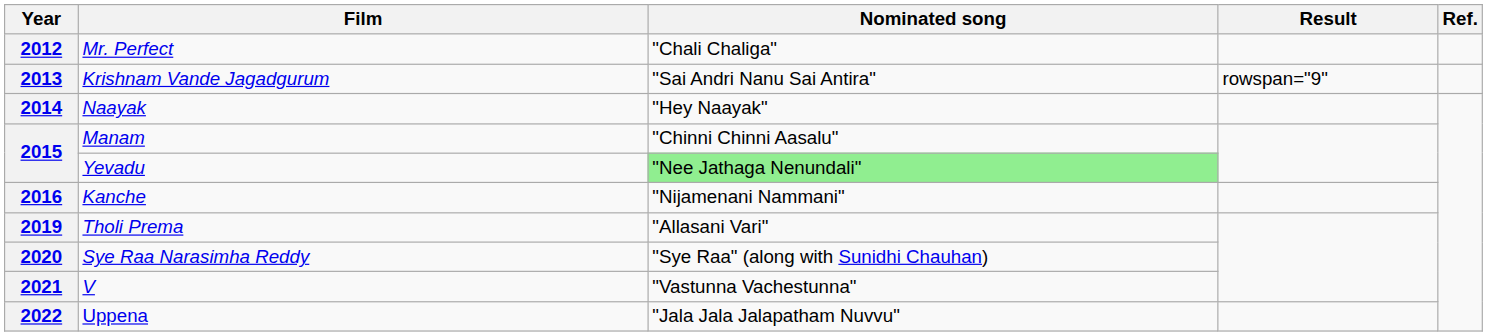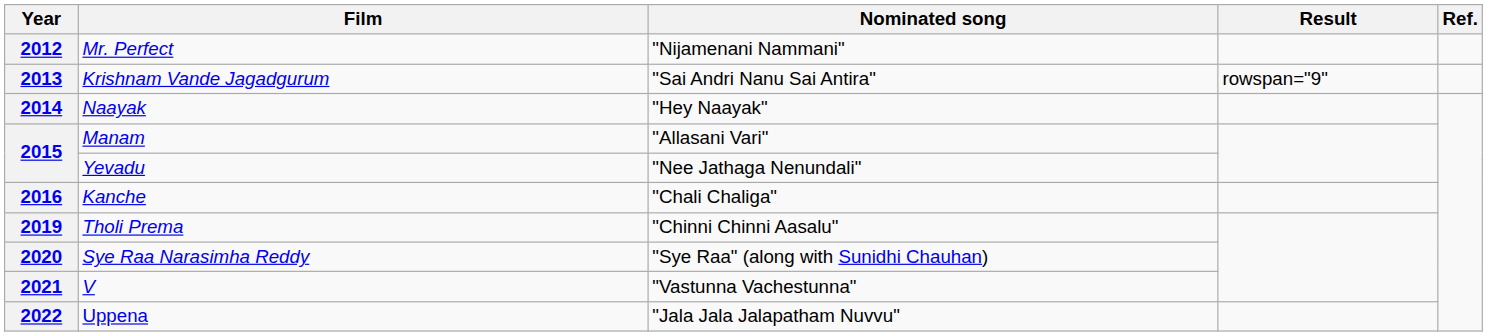 <table class="wikitable plainrowheaders" width="100%" textcolor:#000;">
 <tr>
 <th scope="col" width=5%><strong>Year</strong></th>
 <th scope="col" width=39%><strong>Film</strong></th>
 <th scope="col" width=39%><strong>Nominated song</strong></th>
 <th scope="col" width=15%><strong>Result</strong></th>
 <th scope="col" width=2%><strong>Ref.</strong></th>
 </tr>
 <tr>
 <th scope="row"><a href='#'>2012</a></th>
 <td><em><a href='#'>Mr. Perfect</a></em></td>
-<td>"Chali Chaliga"</td>
+<td>"Nijamenani Nammani"</td>
 <td></td>
 <td></td>
 </tr>
 <tr>
 <th scope="row"><a href='#'>2013</a></th>
 <td><em><a href='#'>Krishnam Vande Jagadgurum</a></em></td>
 <td>"Sai Andri Nanu Sai Antira"</td>
 <td>rowspan="9" </td>
 <td></td>
 </tr>
 <tr>
 <th scope="row"><a href='#'>2014</a></th>
 <td><em><a href='#'>Naayak</a></em></td>
 <td>"Hey Naayak"</td>
 <td></td>
 </tr>
 <tr>
 <th scope="row" rowspan="2"><a href='#'>2015</a></th>
 <td><em><a href='#'>Manam</a></em></td>
-<td>"Chinni Chinni Aasalu"</td>
+<td>"Allasani Vari"</td>
 <td rowspan="2"></td>
 </tr>
 <tr>
 <td><em><a href='#'>Yevadu</a></em></td>
-<td style="background: lightgreen;">"Nee Jathaga Nenundali"</td>
+<td>"Nee Jathaga Nenundali"</td>
 </tr>
 <tr>
 <th scope="row"><a href='#'>2016</a></th>
 <td><em><a href='#'>Kanche</a></em></td>
-<td>"Nijamenani Nammani"</td>
+<td>"Chali Chaliga"</td>
 <td></td>
 </tr>
 <tr>
 <th scope="row"><a href='#'>2019</a></th>
 <td><em><a href='#'>Tholi Prema</a></em></td>
-<td>"Allasani Vari"</td>
+<td>"Chinni Chinni Aasalu"</td>
 <td rowspan="3"></td>
 </tr>
 <tr>
 <th scope="row"><a href='#'>2020</a></th>
 <td><em><a href='#'>Sye Raa Narasimha Reddy</a></em></td>
 <td>"Sye Raa" (along with <a href='#'>Sunidhi Chauhan</a>)</td>
 </tr>
 <tr>
 <th scope="row"><a href='#'>2021</a></th>
 <td><em><a href='#'>V</a></em></td>
 <td>"Vastunna Vachestunna"</td>
 </tr>
 <tr>
 <th scope="row"><a href='#'>2022</a></th>
 <td><a href='#'>Uppena</a></td>
 <td>"Jala Jala Jalapatham Nuvvu"</td>
 <td></td>
 </tr>
 </table>
